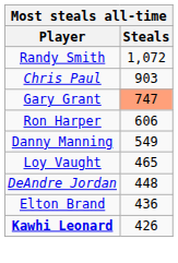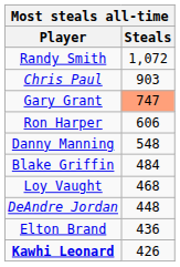 <table class="wikitable sortable" style="text-align:center">
 <tr>
 <th colspan="2">Most steals all-time</th>
 </tr>
 <tr>
 <th>Player</th>
 <th>Steals</th>
 </tr>
 <tr>
 <td><a href='#'>Randy Smith</a></td>
 <td>1,072</td>
 </tr>
 <tr>
 <td><em><a href='#'>Chris Paul</a></em></td>
 <td>903</td>
 </tr>
 <tr>
 <td><a href='#'>Gary Grant</a></td>
 <td style="background: lightsalmon;">747</td>
 </tr>
 <tr>
 <td><a href='#'>Ron Harper</a></td>
 <td>606</td>
 </tr>
 <tr>
 <td><a href='#'>Danny Manning</a></td>
-<td>549</td>
+<td>548</td>
+</tr>
+<tr>
+<td><a href='#'>Blake Griffin</a></td>
+<td>484</td>
 </tr>
 <tr>
 <td><a href='#'>Loy Vaught</a></td>
-<td>465</td>
+<td>468</td>
 </tr>
 <tr>
 <td><em><a href='#'>DeAndre Jordan</a></em></td>
 <td>448</td>
 </tr>
 <tr>
 <td><a href='#'>Elton Brand</a></td>
 <td>436</td>
 </tr>
 <tr>
 <td><strong><a href='#'>Kawhi Leonard</a></strong></td>
 <td>426</td>
 </tr>
 </table>
